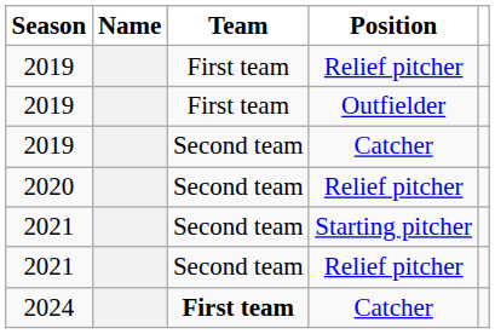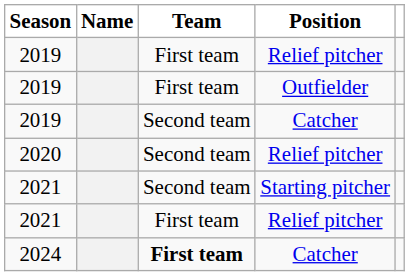 <table class="wikitable sortable plainrowheaders" style="text-align:center">
 <tr>
 <th scope="col" style="background-color:#ffffff; border-top:#">Season</th>
 <th scope="col" style="background-color:#ffffff; border-top:#">Name</th>
 <th scope="col" style="background-color:#ffffff; border-top:#">Team</th>
 <th scope="col" style="background-color:#ffffff; border-top:#">Position</th>
 <th scope="col" class="unsortable" style="background-color:#ffffff; border-top:#"></th>
 </tr>
 <tr>
 <td>2019</td>
 <th scope="row" style="text-align:center"> </th>
 <td>First team</td>
 <td><a href='#'>Relief pitcher</a></td>
 <td></td>
 </tr>
 <tr>
 <td>2019</td>
 <th scope="row" style="text-align:center"></th>
 <td>First team</td>
 <td><a href='#'>Outfielder</a></td>
 <td></td>
 </tr>
 <tr>
 <td>2019</td>
 <th scope="row" style="text-align:center"></th>
 <td>Second team</td>
 <td><a href='#'>Catcher</a></td>
 <td></td>
 </tr>
 <tr>
 <td>2020</td>
 <th scope="row" style="text-align:center"></th>
 <td>Second team</td>
 <td><a href='#'>Relief pitcher</a></td>
 <td></td>
 </tr>
 <tr>
 <td>2021</td>
 <th scope="row" style="text-align:center"></th>
 <td>Second team</td>
 <td><a href='#'>Starting pitcher</a></td>
 <td></td>
 </tr>
 <tr>
 <td>2021</td>
 <th scope="row" style="text-align:center"> </th>
-<td>Second team</td>
+<td>First team</td>
 <td><a href='#'>Relief pitcher</a></td>
 <td></td>
 </tr>
 <tr>
 <td>2024</td>
 <th scope="row" style="text-align:center"></th>
 <td><strong>First team</strong></td>
 <td><a href='#'>Catcher</a></td>
 <td></td>
 </tr>
 </table>
